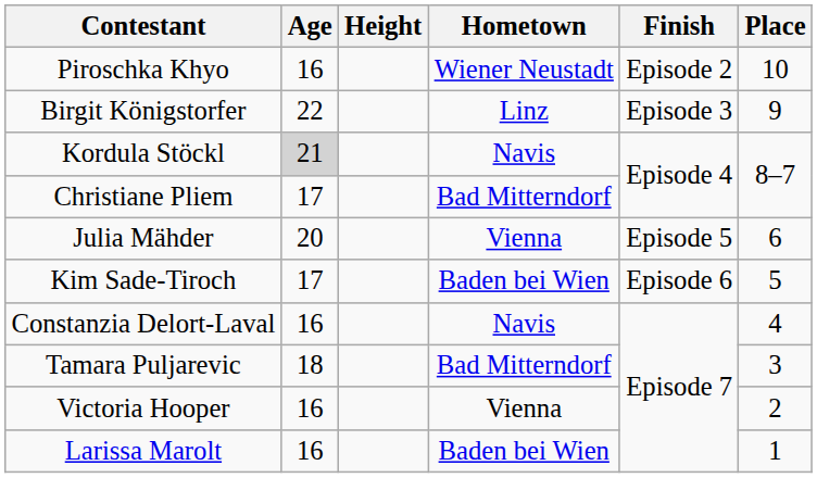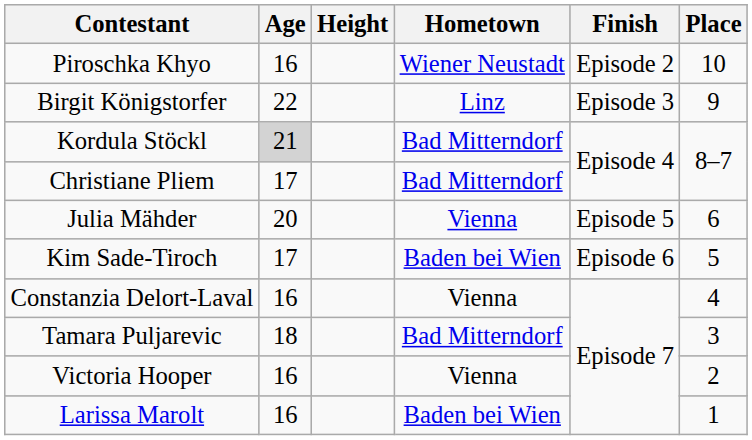 <table class="wikitable sortable" style="text-align:center;">
 <tr>
 <th>Contestant</th>
 <th>Age</th>
 <th>Height</th>
 <th>Hometown</th>
 <th>Finish</th>
 <th>Place</th>
 </tr>
 <tr>
 <td>Piroschka Khyo</td>
 <td>16</td>
 <td></td>
 <td><a href='#'>Wiener Neustadt</a></td>
 <td>Episode 2</td>
 <td>10</td>
 </tr>
 <tr>
 <td>Birgit Königstorfer</td>
 <td>22</td>
 <td></td>
 <td><a href='#'>Linz</a></td>
 <td>Episode 3</td>
 <td>9</td>
 </tr>
 <tr>
 <td>Kordula Stöckl</td>
 <td style="background: lightgrey;">21</td>
 <td></td>
-<td><a href='#'>Navis</a></td>
+<td><a href='#'>Bad Mitterndorf</a></td>
 <td rowspan="2">Episode 4</td>
 <td rowspan="2">8–7</td>
 </tr>
 <tr>
 <td>Christiane Pliem</td>
 <td>17</td>
 <td></td>
 <td><a href='#'>Bad Mitterndorf</a></td>
 </tr>
 <tr>
 <td>Julia Mähder</td>
 <td>20</td>
 <td></td>
 <td><a href='#'>Vienna</a></td>
 <td>Episode 5</td>
 <td>6</td>
 </tr>
 <tr>
 <td>Kim Sade-Tiroch</td>
 <td>17</td>
 <td></td>
 <td><a href='#'>Baden bei Wien</a></td>
 <td>Episode 6</td>
 <td>5</td>
 </tr>
 <tr>
 <td>Constanzia Delort-Laval</td>
 <td>16</td>
 <td></td>
-<td><a href='#'>Navis</a></td>
+<td>Vienna</td>
 <td rowspan="4">Episode 7</td>
 <td>4</td>
 </tr>
 <tr>
 <td>Tamara Puljarevic</td>
 <td>18</td>
 <td></td>
 <td><a href='#'>Bad Mitterndorf</a></td>
 <td>3</td>
 </tr>
 <tr>
 <td>Victoria Hooper</td>
 <td>16</td>
 <td></td>
 <td>Vienna</td>
 <td>2</td>
 </tr>
 <tr>
 <td><a href='#'>Larissa Marolt</a></td>
 <td>16</td>
 <td></td>
 <td><a href='#'>Baden bei Wien</a></td>
 <td>1</td>
 </tr>
 </table>
